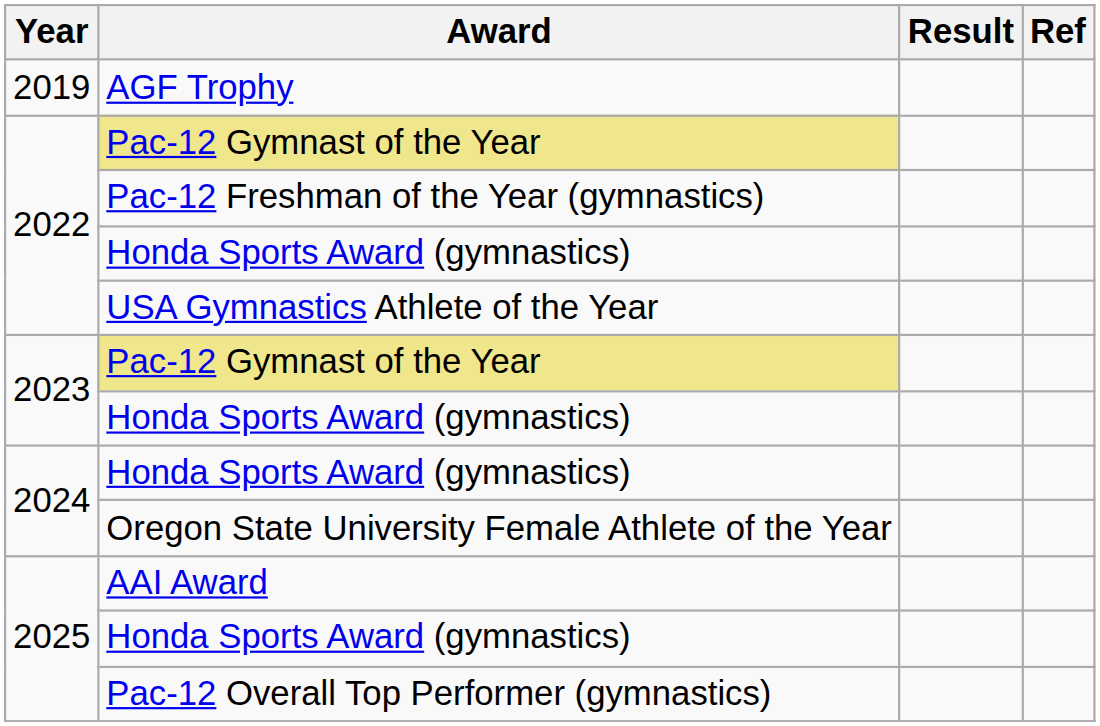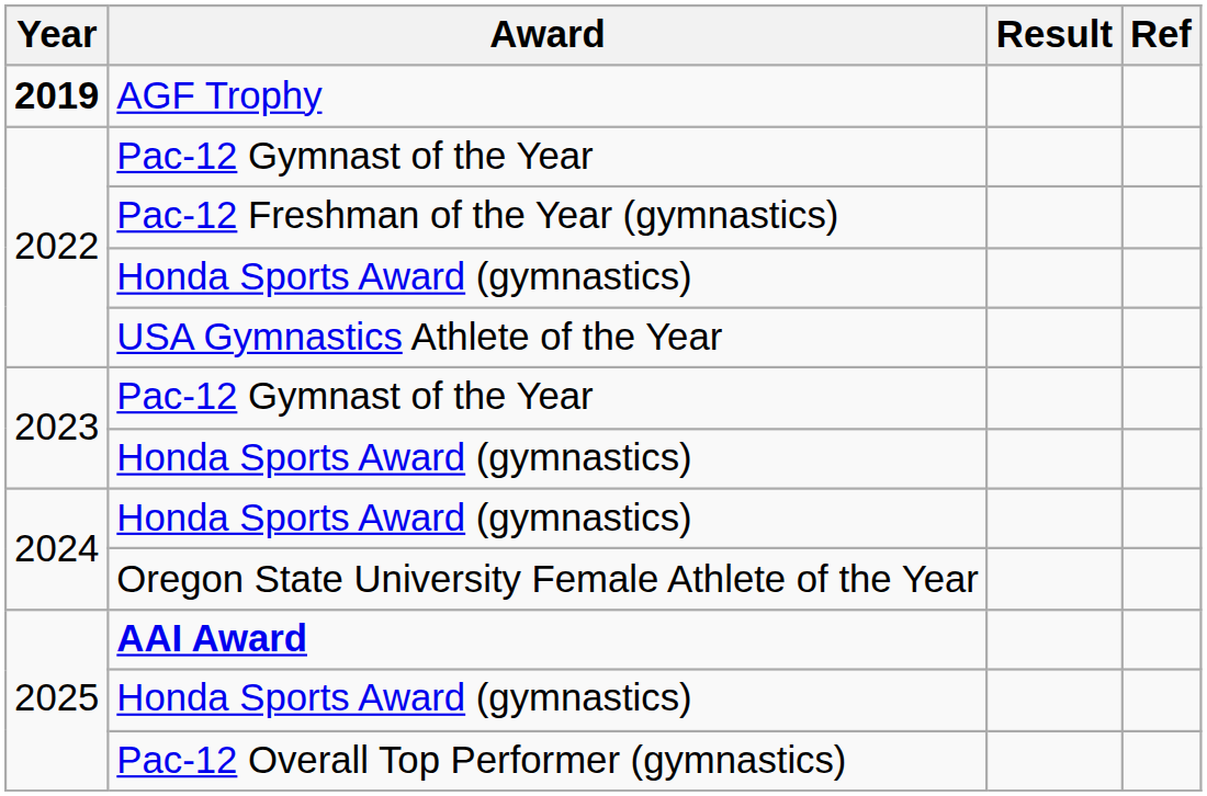 <table class="wikitable">
 <tr>
 <th>Year</th>
 <th>Award</th>
 <th>Result</th>
 <th>Ref</th>
 </tr>
 <tr>
-<td>2019</td>
+<td><strong>2019</strong></td>
 <td><a href='#'>AGF Trophy</a></td>
 <td></td>
 <td></td>
 </tr>
 <tr>
 <td rowspan="4">2022</td>
-<td style="background: khaki;"><a href='#'>Pac-12</a> Gymnast of the Year</td>
+<td><a href='#'>Pac-12</a> Gymnast of the Year</td>
 <td></td>
 <td></td>
 </tr>
 <tr>
 <td><a href='#'>Pac-12</a> Freshman of the Year (gymnastics)</td>
 <td></td>
 <td></td>
 </tr>
 <tr>
 <td><a href='#'>Honda Sports Award</a> (gymnastics)</td>
 <td></td>
 <td></td>
 </tr>
 <tr>
 <td><a href='#'>USA Gymnastics</a> Athlete of the Year</td>
 <td></td>
 <td></td>
 </tr>
 <tr>
 <td rowspan="2">2023</td>
-<td style="background: khaki;"><a href='#'>Pac-12</a> Gymnast of the Year</td>
+<td><a href='#'>Pac-12</a> Gymnast of the Year</td>
 <td></td>
 <td></td>
 </tr>
 <tr>
 <td><a href='#'>Honda Sports Award</a> (gymnastics)</td>
 <td></td>
 <td></td>
 </tr>
 <tr>
 <td rowspan="2">2024</td>
 <td><a href='#'>Honda Sports Award</a> (gymnastics)</td>
 <td></td>
 <td></td>
 </tr>
 <tr>
 <td>Oregon State University Female Athlete of the Year</td>
 <td></td>
 <td></td>
 </tr>
 <tr>
 <td rowspan="3">2025</td>
-<td><a href='#'>AAI Award</a></td>
+<td><strong><a href='#'>AAI Award</a></strong></td>
 <td></td>
 <td></td>
 </tr>
 <tr>
 <td><a href='#'>Honda Sports Award</a> (gymnastics)</td>
 <td></td>
 <td></td>
 </tr>
 <tr>
 <td><a href='#'>Pac-12</a> Overall Top Performer (gymnastics)</td>
 <td></td>
 <td></td>
 </tr>
 </table>
